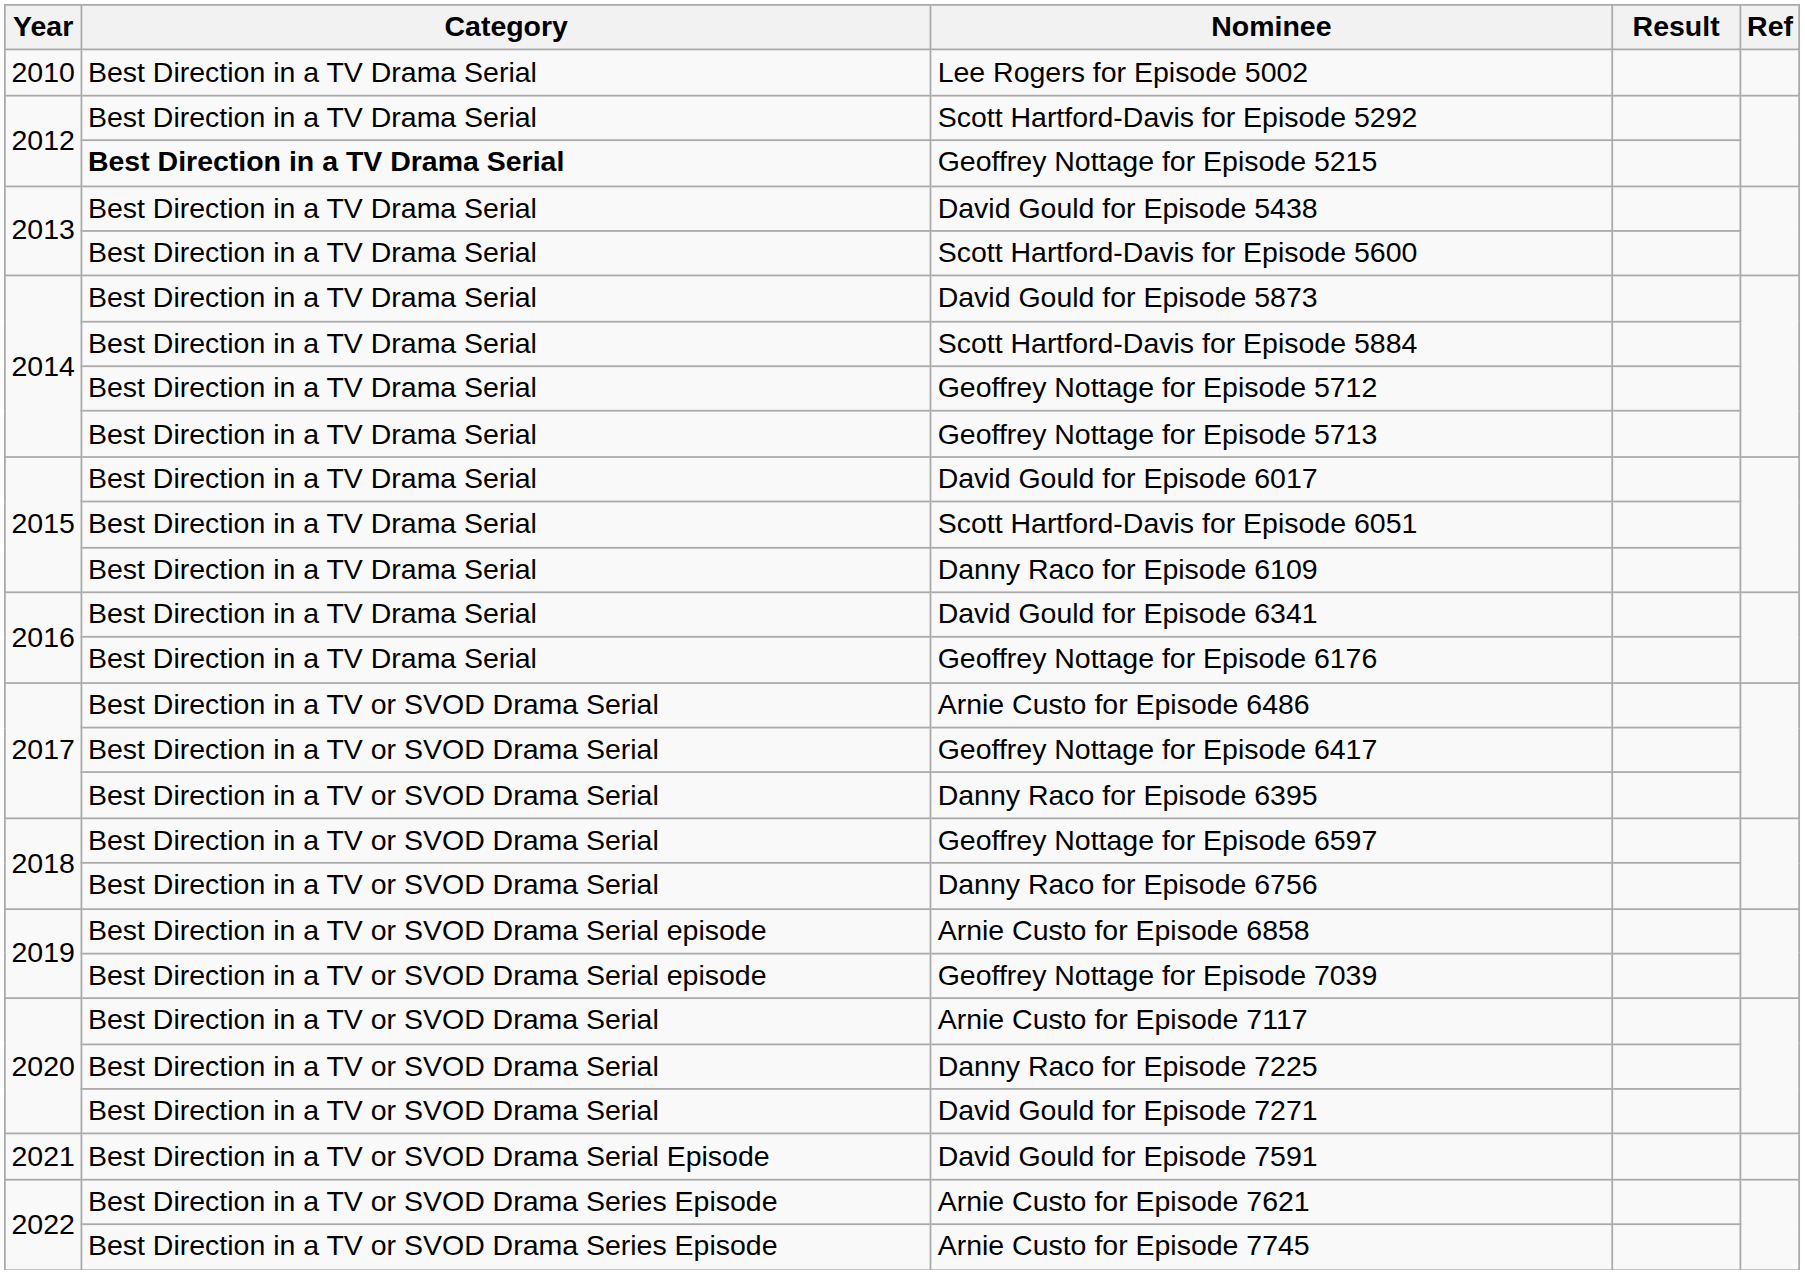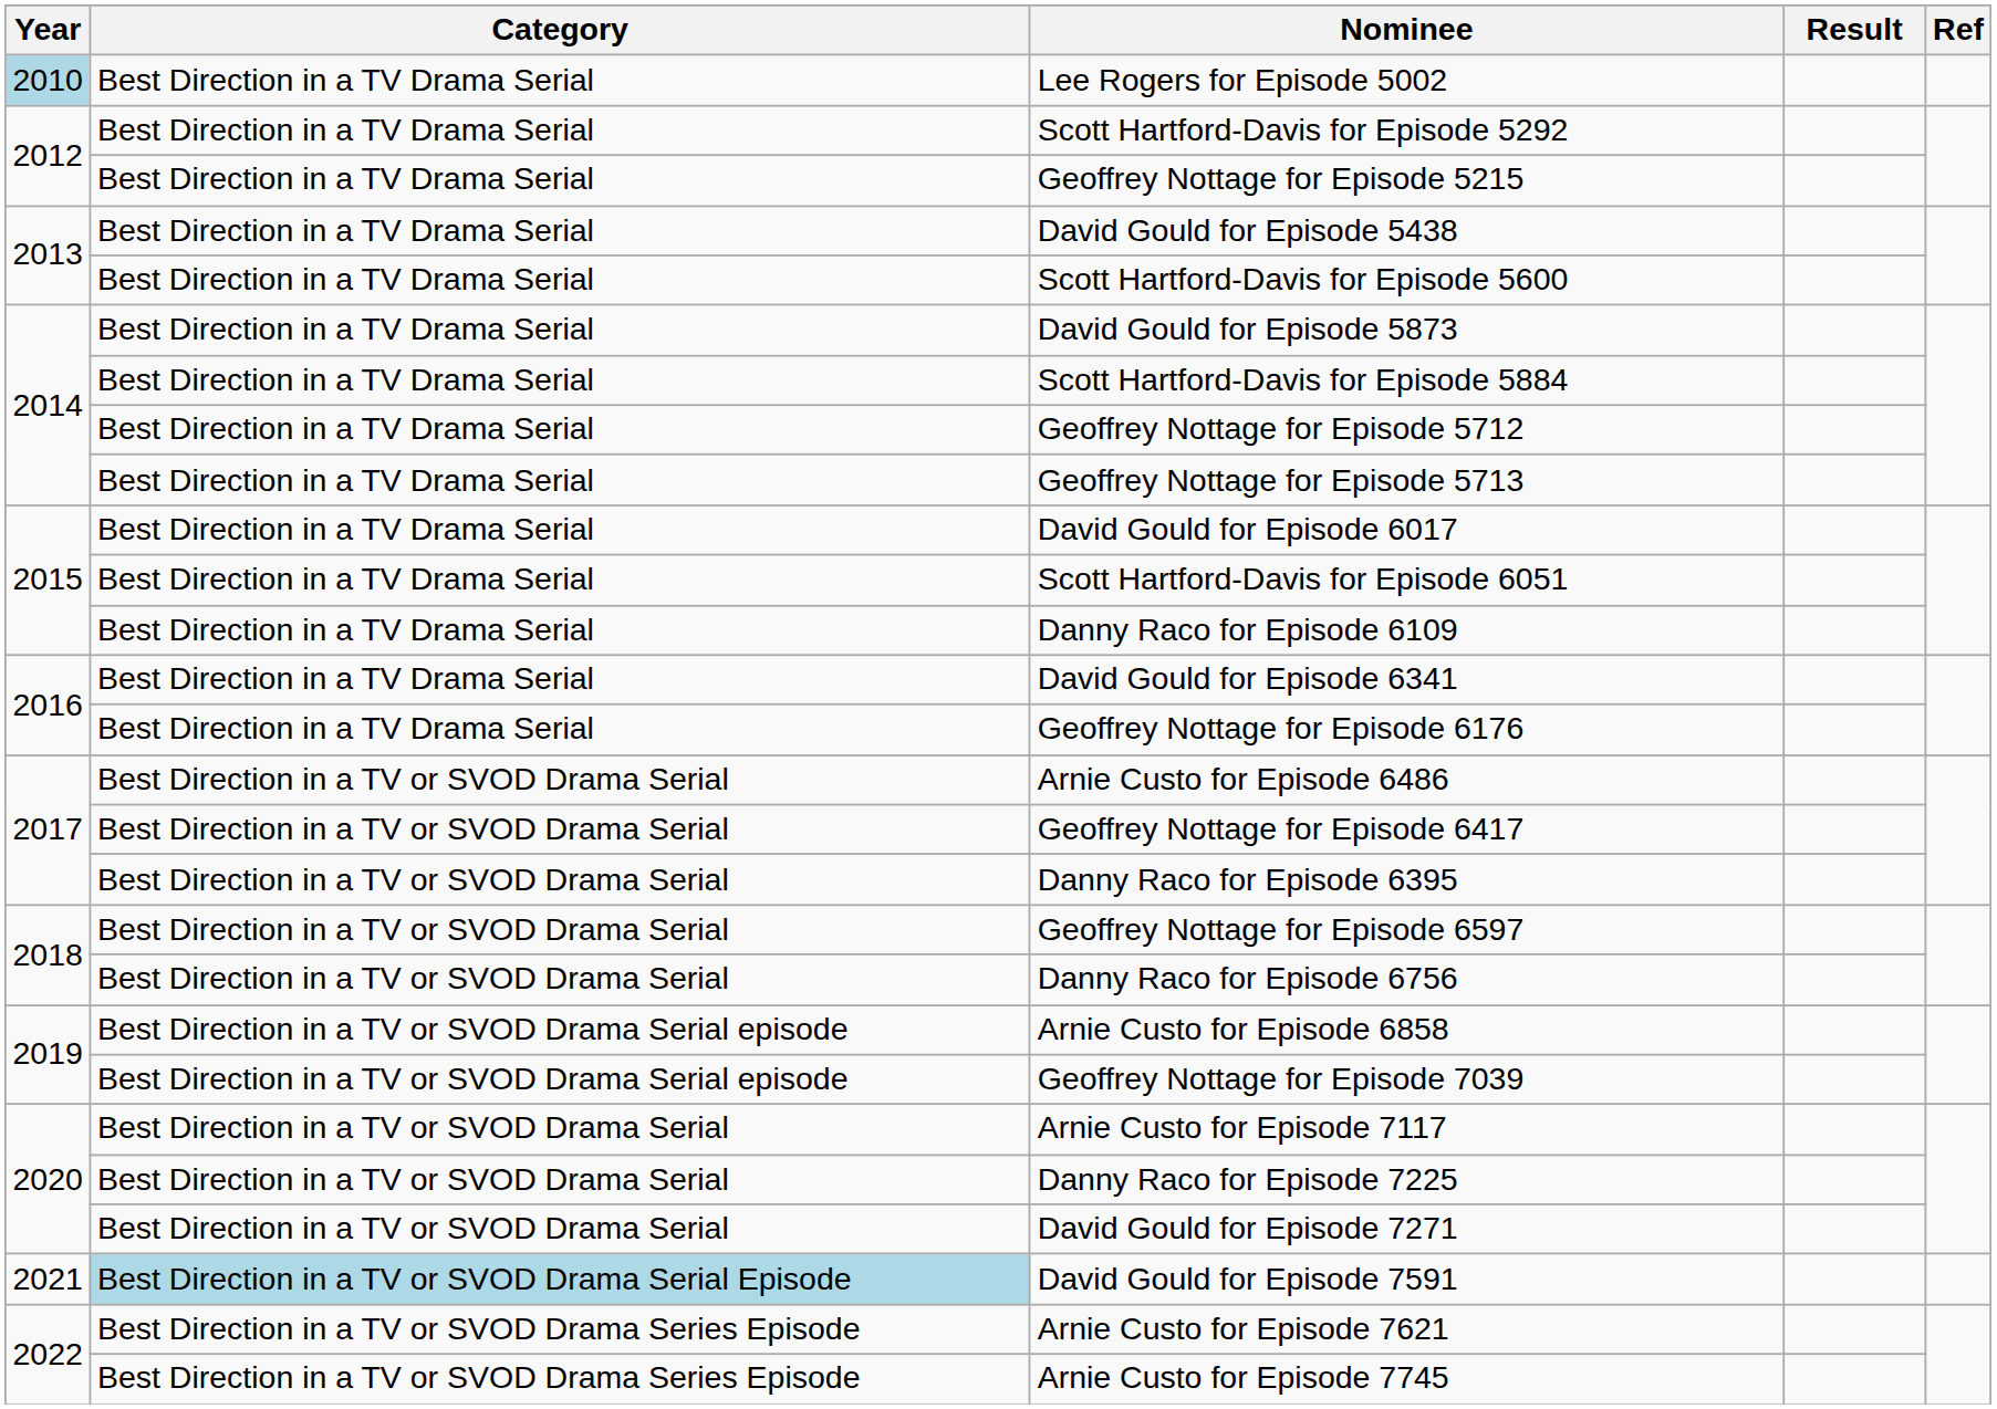 <table class="wikitable">
 <tr>
 <th>Year</th>
 <th width="470">Category</th>
 <th width="375">Nominee</th>
 <th width="65">Result</th>
 <th>Ref</th>
 </tr>
 <tr>
-<td>2010</td>
+<td style="background: lightblue;">2010</td>
 <td>Best Direction in a TV Drama Serial</td>
 <td>Lee Rogers for Episode 5002</td>
 <td></td>
 <td align="center"></td>
 </tr>
 <tr>
 <td rowspan="2">2012</td>
 <td>Best Direction in a TV Drama Serial</td>
 <td>Scott Hartford-Davis for Episode 5292</td>
 <td></td>
 <td align="center" rowspan="2"><br></td>
 </tr>
 <tr>
-<td><strong>Best Direction in a TV Drama Serial</strong></td>
+<td>Best Direction in a TV Drama Serial</td>
 <td>Geoffrey Nottage for Episode 5215</td>
 <td></td>
 </tr>
 <tr>
 <td rowspan="2">2013</td>
 <td>Best Direction in a TV Drama Serial</td>
 <td>David Gould for Episode 5438</td>
 <td></td>
 <td align="center" rowspan="2"><br></td>
 </tr>
 <tr>
 <td>Best Direction in a TV Drama Serial</td>
 <td>Scott Hartford-Davis for Episode 5600</td>
 <td></td>
 </tr>
 <tr>
 <td rowspan="4">2014</td>
 <td>Best Direction in a TV Drama Serial</td>
 <td>David Gould for Episode 5873</td>
 <td></td>
 <td align="center" rowspan="4"><br></td>
 </tr>
 <tr>
 <td>Best Direction in a TV Drama Serial</td>
 <td>Scott Hartford-Davis for Episode 5884</td>
 <td></td>
 </tr>
 <tr>
 <td>Best Direction in a TV Drama Serial</td>
 <td>Geoffrey Nottage for Episode 5712</td>
 <td></td>
 </tr>
 <tr>
 <td>Best Direction in a TV Drama Serial</td>
 <td>Geoffrey Nottage for Episode 5713</td>
 <td></td>
 </tr>
 <tr>
 <td rowspan="3">2015</td>
 <td>Best Direction in a TV Drama Serial</td>
 <td>David Gould for Episode 6017</td>
 <td></td>
 <td align="center" rowspan="3"><br></td>
 </tr>
 <tr>
 <td>Best Direction in a TV Drama Serial</td>
 <td>Scott Hartford-Davis for Episode 6051</td>
 <td></td>
 </tr>
 <tr>
 <td>Best Direction in a TV Drama Serial</td>
 <td>Danny Raco for Episode 6109</td>
 <td></td>
 </tr>
 <tr>
 <td rowspan="2">2016</td>
 <td>Best Direction in a TV Drama Serial</td>
 <td>David Gould for Episode 6341</td>
 <td></td>
 <td align="center" rowspan="2"></td>
 </tr>
 <tr>
 <td>Best Direction in a TV Drama Serial</td>
 <td>Geoffrey Nottage for Episode 6176</td>
 <td></td>
 </tr>
 <tr>
 <td rowspan="3">2017</td>
 <td>Best Direction in a TV or SVOD Drama Serial</td>
 <td>Arnie Custo for Episode 6486</td>
 <td></td>
 <td align="center" rowspan="3"></td>
 </tr>
 <tr>
 <td>Best Direction in a TV or SVOD Drama Serial</td>
 <td>Geoffrey Nottage for Episode 6417</td>
 <td></td>
 </tr>
 <tr>
 <td>Best Direction in a TV or SVOD Drama Serial</td>
 <td>Danny Raco for Episode 6395</td>
 <td></td>
 </tr>
 <tr>
 <td rowspan="2">2018</td>
 <td>Best Direction in a TV or SVOD Drama Serial</td>
 <td>Geoffrey Nottage for Episode 6597</td>
 <td></td>
 <td align="center" rowspan="2"></td>
 </tr>
 <tr>
 <td>Best Direction in a TV or SVOD Drama Serial</td>
 <td>Danny Raco for Episode 6756</td>
 <td></td>
 </tr>
 <tr>
 <td rowspan="2">2019</td>
 <td>Best Direction in a TV or SVOD Drama Serial episode</td>
 <td>Arnie Custo for Episode 6858</td>
 <td></td>
 <td align="center" rowspan="2"></td>
 </tr>
 <tr>
 <td>Best Direction in a TV or SVOD Drama Serial episode</td>
 <td>Geoffrey Nottage for Episode 7039</td>
 <td></td>
 </tr>
 <tr>
 <td rowspan="3">2020</td>
 <td>Best Direction in a TV or SVOD Drama Serial</td>
 <td>Arnie Custo for Episode 7117</td>
 <td></td>
 <td align="center" rowspan="3"></td>
 </tr>
 <tr>
 <td>Best Direction in a TV or SVOD Drama Serial</td>
 <td>Danny Raco for Episode 7225</td>
 <td></td>
 </tr>
 <tr>
 <td>Best Direction in a TV or SVOD Drama Serial</td>
 <td>David Gould for Episode 7271</td>
 <td></td>
 </tr>
 <tr>
 <td>2021</td>
-<td>Best Direction in a TV or SVOD Drama Serial Episode</td>
+<td style="background: lightblue;">Best Direction in a TV or SVOD Drama Serial Episode</td>
 <td>David Gould for Episode 7591</td>
 <td></td>
 <td align="center"></td>
 </tr>
 <tr>
 <td rowspan="2">2022</td>
 <td>Best Direction in a TV or SVOD Drama Series Episode</td>
 <td>Arnie Custo for Episode 7621</td>
 <td></td>
 <td align="center" rowspan="2"></td>
 </tr>
 <tr>
 <td>Best Direction in a TV or SVOD Drama Series Episode</td>
 <td>Arnie Custo for Episode 7745</td>
 <td></td>
 </tr>
 <tr>
 </tr>
 </table>
